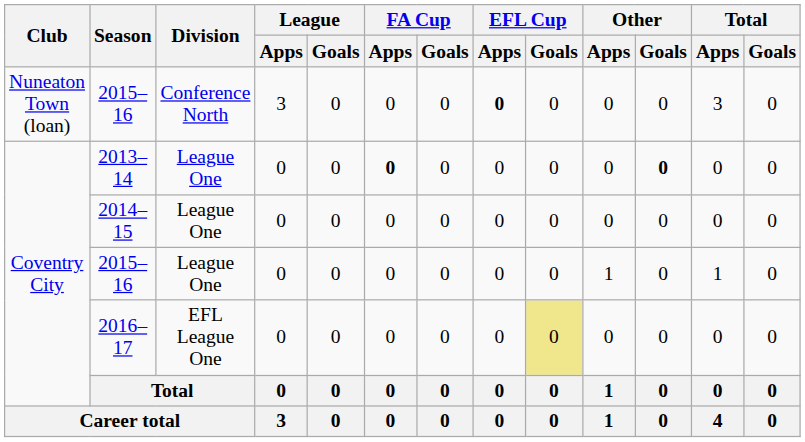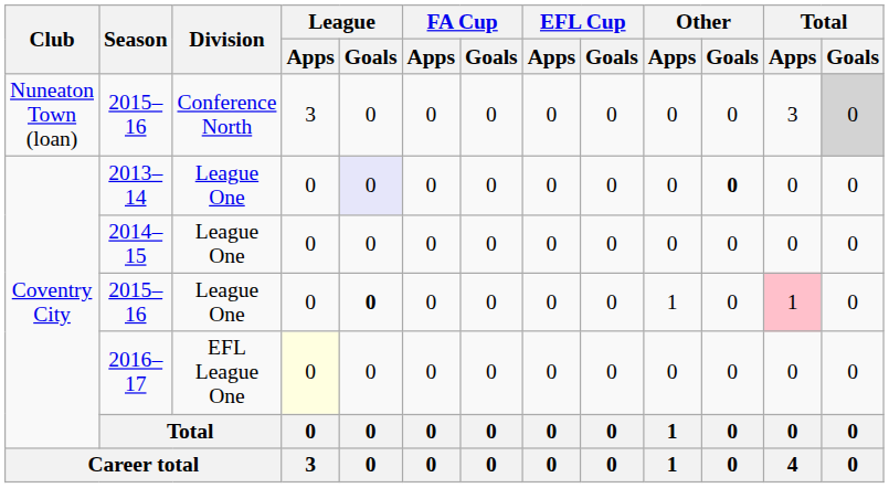 <table class="wikitable" style="text-align:center;">
 <tr>
 <th rowspan="2">Club</th>
 <th rowspan="2">Season</th>
 <th rowspan="2">Division</th>
 <th colspan="2">League</th>
 <th colspan="2"><a href='#'>FA Cup</a></th>
 <th colspan="2"><a href='#'>EFL Cup</a></th>
 <th colspan="2">Other</th>
 <th colspan="2">Total</th>
 </tr>
 <tr>
 <th>Apps</th>
 <th>Goals</th>
 <th>Apps</th>
 <th>Goals</th>
 <th>Apps</th>
 <th>Goals</th>
 <th>Apps</th>
 <th>Goals</th>
 <th>Apps</th>
 <th>Goals</th>
 </tr>
 <tr>
 <td><a href='#'>Nuneaton Town</a> (loan)</td>
 <td><a href='#'>2015–16</a></td>
 <td><a href='#'>Conference North</a></td>
 <td>3</td>
 <td>0</td>
 <td>0</td>
 <td>0</td>
-<td><strong>0</strong></td>
+<td>0</td>
 <td>0</td>
 <td>0</td>
 <td>0</td>
 <td>3</td>
-<td>0</td>
+<td style="background: lightgrey;">0</td>
 </tr>
 <tr>
 <td rowspan="5"><a href='#'>Coventry City</a></td>
 <td><a href='#'>2013–14</a></td>
 <td><a href='#'>League One</a></td>
 <td>0</td>
+<td style="background: lavender;">0</td>
 <td>0</td>
-<td><strong>0</strong></td>
 <td>0</td>
 <td>0</td>
 <td>0</td>
 <td>0</td>
 <td><strong>0</strong></td>
 <td>0</td>
 <td>0</td>
 </tr>
 <tr>
 <td><a href='#'>2014–15</a></td>
 <td>League One</td>
 <td>0</td>
 <td>0</td>
 <td>0</td>
 <td>0</td>
 <td>0</td>
 <td>0</td>
 <td>0</td>
 <td>0</td>
 <td>0</td>
 <td>0</td>
 </tr>
 <tr>
 <td><a href='#'>2015–16</a></td>
 <td>League One</td>
 <td>0</td>
-<td>0</td>
+<td><strong>0</strong></td>
 <td>0</td>
 <td>0</td>
 <td>0</td>
 <td>0</td>
 <td>1</td>
 <td>0</td>
-<td>1</td>
+<td style="background: pink;">1</td>
 <td>0</td>
 </tr>
 <tr>
 <td><a href='#'>2016–17</a></td>
 <td>EFL League One</td>
+<td style="background: lightyellow;">0</td>
 <td>0</td>
 <td>0</td>
 <td>0</td>
 <td>0</td>
 <td>0</td>
-<td style="background: khaki;">0</td>
 <td>0</td>
 <td>0</td>
 <td>0</td>
 <td>0</td>
 </tr>
 <tr>
 <th colspan="2">Total</th>
 <th>0</th>
 <th>0</th>
 <th>0</th>
 <th>0</th>
 <th>0</th>
 <th>0</th>
 <th>1</th>
 <th>0</th>
 <th>0</th>
 <th>0</th>
 </tr>
 <tr>
 <th colspan="3">Career total</th>
 <th>3</th>
 <th>0</th>
 <th>0</th>
 <th>0</th>
 <th>0</th>
 <th>0</th>
 <th>1</th>
 <th>0</th>
 <th>4</th>
 <th>0</th>
 </tr>
 </table>
